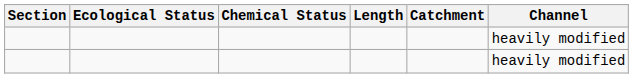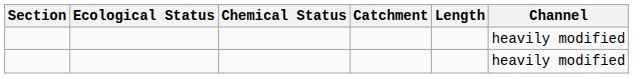 <table class="wikitable">
 <tr>
 <th>Section</th>
 <th>Ecological Status</th>
 <th>Chemical Status</th>
+<th>Catchment</th>
 <th>Length</th>
-<th>Catchment</th>
 <th>Channel</th>
 </tr>
 <tr>
 <td></td>
 <td></td>
 <td></td>
 <td></td>
 <td></td>
 <td>heavily modified</td>
 </tr>
 <tr>
 <td></td>
 <td></td>
 <td></td>
 <td></td>
 <td></td>
 <td>heavily modified</td>
 </tr>
 </table>
